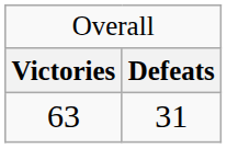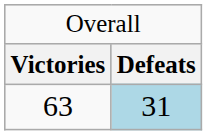 <table class="wikitable">
 <tr>
 <td align=center colspan=2>Overall</td>
 </tr>
 <tr>
 <th>Victories</th>
 <th>Defeats</th>
 </tr>
 <tr>
 <td align=center><big>63</big></td>
-<td align=center><big>31</big></td>
+<td align=center style="background: lightblue;"><big>31</big></td>
 </tr>
 </table>
